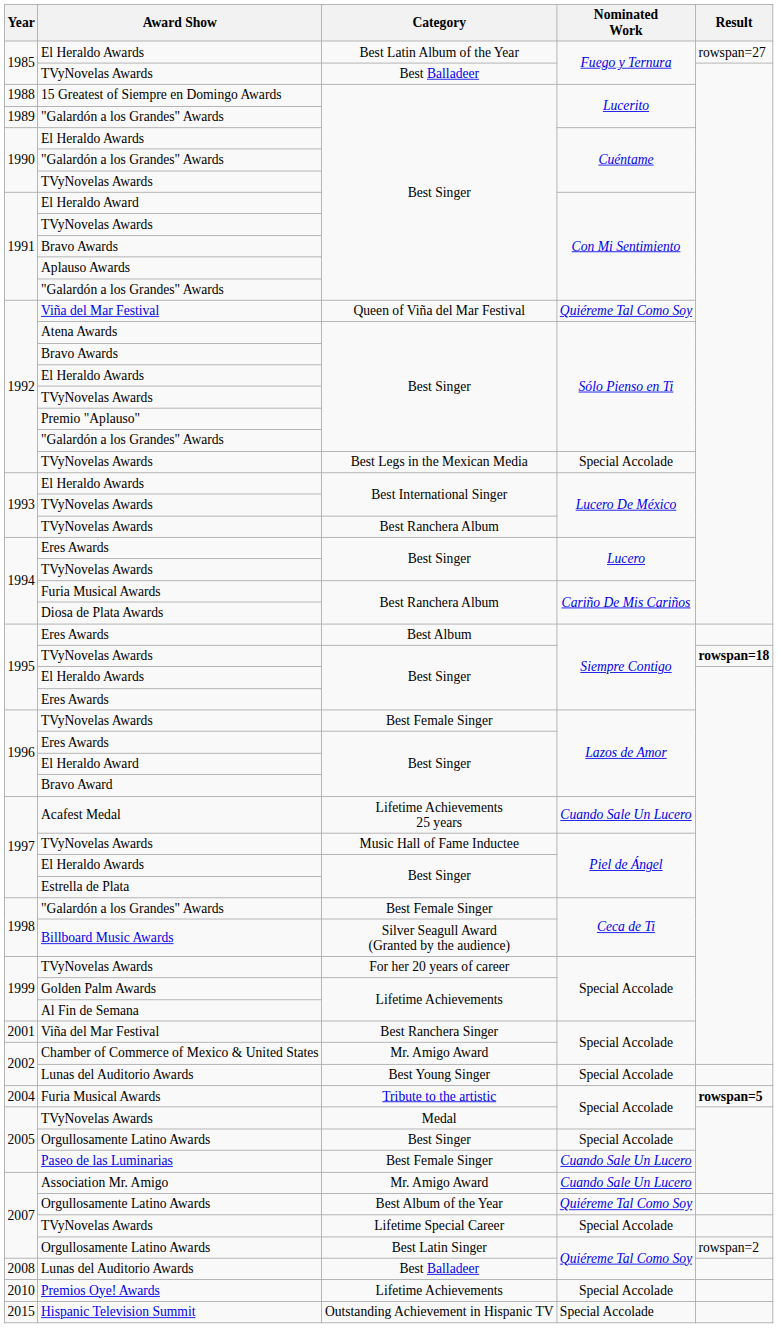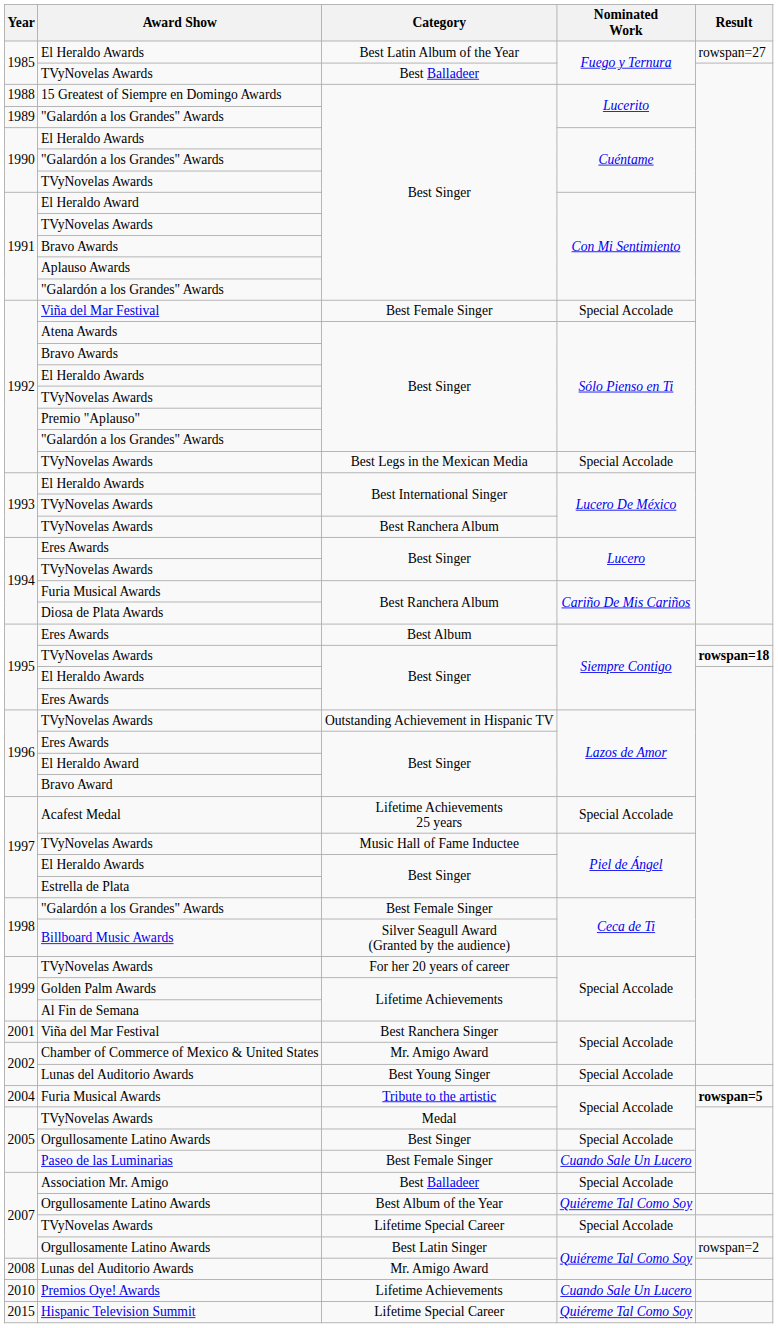 <table class="wikitable">
 <tr>
 <th>Year</th>
 <th>Award Show</th>
 <th style="text-align:center;">Category</th>
 <th>Nominated<br>Work</th>
 <th>Result</th>
 </tr>
 <tr>
 <td rowspan="2">1985</td>
 <td>El Heraldo Awards</td>
 <td style="text-align:center;">Best Latin Album of the Year</td>
 <td style="text-align:center;" rowspan="2"><em><a href='#'>Fuego y Ternura</a></em></td>
 <td>rowspan=27 </td>
 </tr>
 <tr>
 <td>TVyNovelas Awards</td>
 <td style="text-align:center;">Best <a href='#'>Balladeer</a></td>
 </tr>
 <tr>
 <td>1988</td>
 <td>15 Greatest of Siempre en Domingo Awards</td>
 <td style="text-align:center;" rowspan="10">Best Singer</td>
 <td style="text-align:center;" rowspan="2"><em><a href='#'>Lucerito</a></em></td>
 </tr>
 <tr>
 <td>1989</td>
 <td>"Galardón a los Grandes" Awards</td>
 </tr>
 <tr>
 <td rowspan="3">1990</td>
 <td>El Heraldo Awards</td>
 <td style="text-align:center;" rowspan="3"><em><a href='#'>Cuéntame</a></em></td>
 </tr>
 <tr>
 <td>"Galardón a los Grandes" Awards</td>
 </tr>
 <tr>
 <td>TVyNovelas Awards</td>
 </tr>
 <tr>
 <td rowspan="5">1991</td>
 <td>El Heraldo Award</td>
 <td style="text-align:center;" rowspan="5"><em><a href='#'>Con Mi Sentimiento</a></em></td>
 </tr>
 <tr>
 <td>TVyNovelas Awards</td>
 </tr>
 <tr>
 <td>Bravo Awards</td>
 </tr>
 <tr>
 <td>Aplauso Awards</td>
 </tr>
 <tr>
 <td>"Galardón a los Grandes" Awards</td>
 </tr>
 <tr>
 <td rowspan="8">1992</td>
 <td><a href='#'>Viña del Mar Festival</a></td>
-<td style="text-align:center;">Queen of Viña del Mar Festival</td>
-<td style="text-align:center;"><em><a href='#'>Quiéreme Tal Como Soy</a></em></td>
+<td style="text-align:center;">Best Female Singer</td>
+<td style="text-align:center;">Special Accolade</td>
 </tr>
 <tr>
 <td>Atena Awards</td>
 <td style="text-align:center;" rowspan="6">Best Singer</td>
 <td style="text-align:center;" rowspan="6"><em><a href='#'>Sólo Pienso en Ti</a></em></td>
 </tr>
 <tr>
 <td>Bravo Awards</td>
 </tr>
 <tr>
 <td>El Heraldo Awards</td>
 </tr>
 <tr>
 <td>TVyNovelas Awards</td>
 </tr>
 <tr>
 <td>Premio "Aplauso"</td>
 </tr>
 <tr>
 <td>"Galardón a los Grandes" Awards</td>
 </tr>
 <tr>
 <td>TVyNovelas Awards</td>
 <td style="text-align:center;">Best Legs in the Mexican Media</td>
 <td style="text-align:center;">Special Accolade</td>
 </tr>
 <tr>
 <td rowspan="3">1993</td>
 <td>El Heraldo Awards</td>
 <td style="text-align:center;" rowspan="2">Best International Singer</td>
 <td style="text-align:center;" rowspan="3"><em><a href='#'>Lucero De México</a></em></td>
 </tr>
 <tr>
 <td>TVyNovelas Awards</td>
 </tr>
 <tr>
 <td>TVyNovelas Awards</td>
 <td style="text-align:center;">Best Ranchera Album</td>
 </tr>
 <tr>
 <td rowspan="4">1994</td>
 <td>Eres Awards</td>
 <td style="text-align:center;" rowspan="2">Best Singer</td>
 <td style="text-align:center;" rowspan="2"><em><a href='#'>Lucero</a></em></td>
 </tr>
 <tr>
 <td>TVyNovelas Awards</td>
 </tr>
 <tr>
 <td>Furia Musical Awards</td>
 <td style="text-align:center;" rowspan="2">Best Ranchera Album</td>
 <td style="text-align:center;" rowspan="2"><em><a href='#'>Cariño De Mis Cariños</a></em></td>
 </tr>
 <tr>
 <td>Diosa de Plata Awards</td>
 </tr>
 <tr>
 <td rowspan="4">1995</td>
 <td>Eres Awards</td>
 <td style="text-align:center;">Best Album</td>
 <td style="text-align:center;" rowspan="4"><em><a href='#'>Siempre Contigo</a></em></td>
 <td></td>
 </tr>
 <tr>
 <td>TVyNovelas Awards</td>
 <td style="text-align:center;" rowspan="3">Best Singer</td>
 <td><strong>rowspan=18 </strong></td>
 </tr>
 <tr>
 <td>El Heraldo Awards</td>
 </tr>
 <tr>
 <td>Eres Awards</td>
 </tr>
 <tr>
 <td rowspan="4">1996</td>
 <td>TVyNovelas Awards</td>
-<td style="text-align:center;">Best Female Singer</td>
+<td>Outstanding Achievement in Hispanic TV</td>
 <td style="text-align:center;" rowspan="4"><em><a href='#'>Lazos de Amor</a></em></td>
 </tr>
 <tr>
 <td>Eres Awards</td>
 <td style="text-align:center;" rowspan="3">Best Singer</td>
 </tr>
 <tr>
 <td>El Heraldo Award</td>
 </tr>
 <tr>
 <td>Bravo Award</td>
 </tr>
 <tr>
 <td rowspan="4">1997</td>
 <td>Acafest Medal</td>
 <td style="text-align:center;">Lifetime Achievements<br>25 years</td>
-<td style="text-align:center;"><em><a href='#'>Cuando Sale Un Lucero</a></em></td>
+<td style="text-align:center;">Special Accolade</td>
 </tr>
 <tr>
 <td>TVyNovelas Awards</td>
 <td style="text-align:center;">Music Hall of Fame Inductee</td>
 <td style="text-align:center;" rowspan="3"><em><a href='#'>Piel de Ángel</a></em></td>
 </tr>
 <tr>
 <td>El Heraldo Awards</td>
 <td style="text-align:center;" rowspan="2">Best Singer</td>
 </tr>
 <tr>
 <td>Estrella de Plata</td>
 </tr>
 <tr>
 <td rowspan="2">1998</td>
 <td>"Galardón a los Grandes" Awards</td>
 <td style="text-align:center;">Best Female Singer</td>
 <td style="text-align:center;" rowspan="2"><em><a href='#'>Ceca de Ti</a></em></td>
 </tr>
 <tr>
 <td><a href='#'>Billboard Music Awards</a></td>
 <td style="text-align:center;">Silver Seagull Award<br>(Granted by the audience)<br></td>
 </tr>
 <tr>
 <td rowspan="3">1999</td>
 <td>TVyNovelas Awards</td>
 <td style="text-align:center;">For her 20 years of career</td>
 <td style="text-align:center;" rowspan="3">Special Accolade</td>
 </tr>
 <tr>
 <td>Golden Palm Awards</td>
 <td style="text-align:center;" rowspan="2">Lifetime Achievements</td>
 </tr>
 <tr>
 <td>Al Fin de Semana</td>
 </tr>
 <tr>
 <td>2001</td>
 <td>Viña del Mar Festival</td>
 <td style="text-align:center;">Best Ranchera Singer</td>
 <td style="text-align:center;" rowspan="2">Special Accolade</td>
 </tr>
 <tr>
 <td rowspan="2">2002</td>
 <td>Chamber of Commerce of Mexico & United States</td>
 <td style="text-align:center;">Mr. Amigo Award</td>
 </tr>
 <tr>
 <td>Lunas del Auditorio Awards</td>
 <td style="text-align:center;">Best Young Singer</td>
 <td style="text-align:center;">Special Accolade</td>
 <td></td>
 </tr>
 <tr>
 <td>2004</td>
 <td>Furia Musical Awards</td>
 <td style="text-align:center;"><a href='#'>Tribute to the artistic</a></td>
 <td style="text-align:center;" rowspan="2">Special Accolade</td>
 <td><strong>rowspan=5 </strong></td>
 </tr>
 <tr>
 <td rowspan="3">2005</td>
 <td>TVyNovelas Awards</td>
 <td style="text-align:center;">Medal</td>
 </tr>
 <tr>
 <td>Orgullosamente Latino Awards</td>
 <td style="text-align:center;">Best Singer</td>
 <td style="text-align:center;">Special Accolade</td>
 </tr>
 <tr>
 <td><a href='#'>Paseo de las Luminarias</a></td>
 <td style="text-align:center;">Best Female Singer</td>
 <td style="text-align:center;"><em><a href='#'>Cuando Sale Un Lucero</a></em></td>
 </tr>
 <tr>
 <td rowspan="4">2007</td>
 <td>Association Mr. Amigo</td>
-<td style="text-align:center;">Mr. Amigo Award</td>
-<td style="text-align:center;"><em><a href='#'>Cuando Sale Un Lucero</a></em></td>
+<td style="text-align:center;">Best <a href='#'>Balladeer</a></td>
+<td style="text-align:center;">Special Accolade</td>
 </tr>
 <tr>
 <td>Orgullosamente Latino Awards</td>
 <td style="text-align:center;">Best Album of the Year</td>
 <td style="text-align:center;"><em><a href='#'>Quiéreme Tal Como Soy</a></em></td>
 <td></td>
 </tr>
 <tr>
 <td>TVyNovelas Awards</td>
 <td style="text-align:center;">Lifetime Special Career</td>
 <td style="text-align:center;">Special Accolade</td>
 <td></td>
 </tr>
 <tr>
 <td>Orgullosamente Latino Awards</td>
 <td style="text-align:center;">Best Latin Singer</td>
 <td style="text-align:center;" rowspan="2"><em><a href='#'>Quiéreme Tal Como Soy</a></em></td>
 <td>rowspan=2 </td>
 </tr>
 <tr>
 <td>2008</td>
 <td>Lunas del Auditorio Awards</td>
-<td style="text-align:center;">Best <a href='#'>Balladeer</a></td>
+<td style="text-align:center;">Mr. Amigo Award</td>
 </tr>
 <tr>
 <td>2010</td>
 <td><a href='#'>Premios Oye! Awards</a></td>
 <td style="text-align:center;">Lifetime Achievements</td>
-<td style="text-align:center;">Special Accolade</td>
+<td style="text-align:center;"><em><a href='#'>Cuando Sale Un Lucero</a></em></td>
 <td></td>
 </tr>
 <tr>
 <td>2015</td>
 <td><a href='#'>Hispanic Television Summit</a></td>
-<td>Outstanding Achievement in Hispanic TV</td>
-<td Special Accolade>Special Accolade</td>
+<td style="text-align:center;">Lifetime Special Career</td>
+<td style="text-align:center;"><em><a href='#'>Quiéreme Tal Como Soy</a></em></td>
 <td></td>
 </tr>
 </table>
